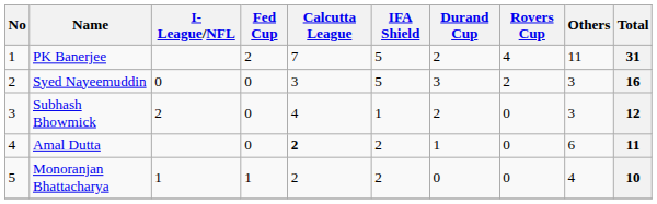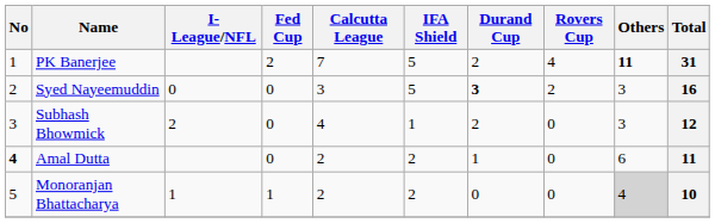 <table class="wikitable" style="font-size:85%">
 <tr>
 <th>No</th>
 <th>Name</th>
 <th><a href='#'>I-League</a>/<a href='#'>NFL</a></th>
 <th><a href='#'>Fed Cup</a></th>
 <th><a href='#'>Calcutta League</a></th>
 <th><a href='#'>IFA Shield</a></th>
 <th><a href='#'>Durand Cup</a></th>
 <th><a href='#'>Rovers Cup</a></th>
 <th>Others</th>
 <th><strong>Total</strong></th>
 </tr>
 <tr>
 <td>1</td>
 <td> <a href='#'>PK Banerjee</a></td>
 <td></td>
 <td>2</td>
 <td>7</td>
 <td>5</td>
 <td>2</td>
 <td>4</td>
-<td>11</td>
+<td><strong>11</strong></td>
 <th>31</th>
 </tr>
 <tr>
 <td>2</td>
 <td> <a href='#'>Syed Nayeemuddin</a></td>
 <td>0</td>
 <td>0</td>
 <td>3</td>
 <td>5</td>
-<td>3</td>
+<td><strong>3</strong></td>
 <td>2</td>
 <td>3</td>
 <th>16</th>
 </tr>
 <tr>
 <td>3</td>
 <td> <a href='#'>Subhash Bhowmick</a></td>
 <td>2</td>
 <td>0</td>
 <td>4</td>
 <td>1</td>
 <td>2</td>
 <td>0</td>
 <td>3</td>
 <th>12</th>
 </tr>
 <tr>
-<td>4</td>
+<td><strong>4</strong></td>
 <td> <a href='#'>Amal Dutta</a></td>
 <td></td>
 <td>0</td>
-<td><strong>2</strong></td>
+<td>2</td>
 <td>2</td>
 <td>1</td>
 <td>0</td>
 <td>6</td>
 <th>11</th>
 </tr>
 <tr>
 <td>5</td>
 <td> <a href='#'>Monoranjan Bhattacharya</a></td>
 <td>1</td>
 <td>1</td>
 <td>2</td>
 <td>2</td>
 <td>0</td>
 <td>0</td>
-<td>4</td>
+<td style="background: lightgrey;">4</td>
 <th>10</th>
 </tr>
 <tr>
 </tr>
 </table>
